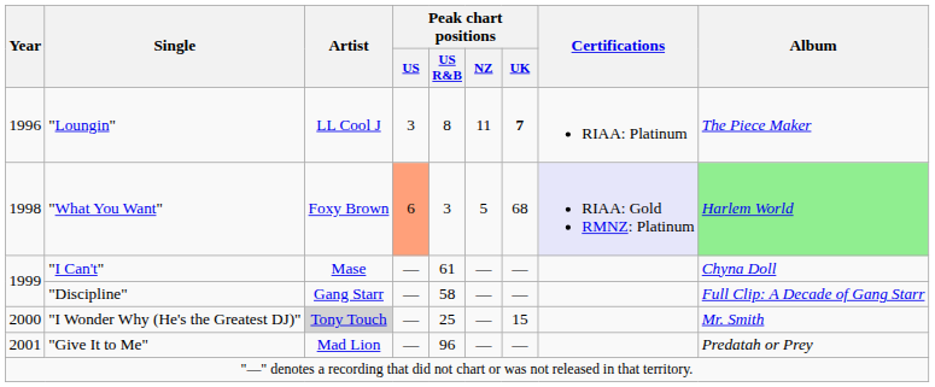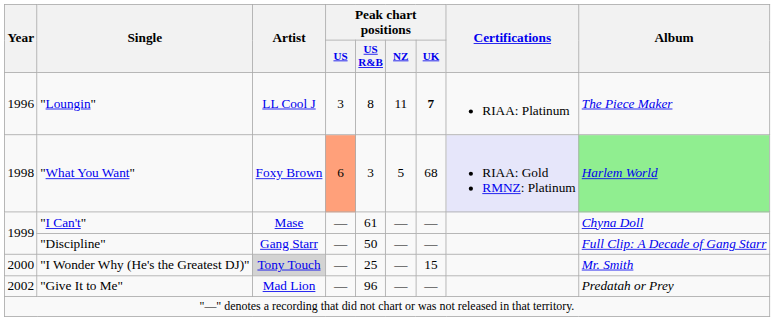 <table class="wikitable" style="text-align:center;">
 <tr>
 <th rowspan="2">Year</th>
 <th rowspan="2">Single</th>
 <th rowspan="2">Artist</th>
 <th colspan="4">Peak chart positions</th>
 <th rowspan="2"><a href='#'>Certifications</a></th>
 <th rowspan="2">Album</th>
 </tr>
 <tr style="font-size:smaller;">
 <th width="30"><a href='#'>US</a><br></th>
 <th width="30"><a href='#'>US<br>R&B</a><br></th>
 <th width="30"><a href='#'>NZ</a><br></th>
 <th width="30"><a href='#'>UK</a><br></th>
 </tr>
 <tr>
 <td rowspan="1">1996</td>
 <td align="left">"<a href='#'>Loungin</a>"</td>
 <td><a href='#'>LL Cool J</a></td>
 <td>3</td>
 <td>8</td>
 <td>11</td>
 <td><strong>7</strong></td>
 <td align="left"><br><ul><li>RIAA: Platinum</li></ul></td>
 <td align="left"><em><a href='#'>The Piece Maker</a></em></td>
 </tr>
 <tr>
 <td rowspan="1">1998</td>
 <td align="left">"<a href='#'>What You Want</a>"</td>
 <td><a href='#'>Foxy Brown</a></td>
 <td style="background: lightsalmon;">6</td>
 <td>3</td>
 <td>5</td>
 <td>68</td>
 <td align="left" style="background: lavender;"><br><ul><li>RIAA: Gold</li><li><a href='#'>RMNZ</a>: Platinum</li></ul></td>
 <td align="left" style="background: lightgreen;"><em><a href='#'>Harlem World</a></em></td>
 </tr>
 <tr>
 <td rowspan="2">1999</td>
 <td align="left">"<a href='#'>I Can't</a>"</td>
 <td><a href='#'>Mase</a></td>
 <td>—</td>
 <td>61</td>
 <td>—</td>
 <td>—</td>
 <td align="left"></td>
 <td align="left"><em><a href='#'>Chyna Doll</a></em></td>
 </tr>
 <tr>
 <td align="left">"Discipline"</td>
 <td><a href='#'>Gang Starr</a></td>
 <td>—</td>
-<td>58</td>
+<td>50</td>
 <td>—</td>
 <td>—</td>
 <td align="left"></td>
 <td align="left"><em><a href='#'>Full Clip: A Decade of Gang Starr</a></em></td>
 </tr>
 <tr>
 <td rowspan="1">2000</td>
 <td align="left">"I Wonder Why (He's the Greatest DJ)"</td>
 <td style="background: lightgrey;"><a href='#'>Tony Touch</a></td>
 <td>—</td>
 <td>25</td>
 <td>—</td>
 <td>15</td>
 <td align="left"></td>
 <td align="left"><em><a href='#'>Mr. Smith</a></em></td>
 </tr>
 <tr>
-<td rowspan="1">2001</td>
+<td rowspan="1">2002</td>
 <td align="left">"Give It to Me"</td>
 <td><a href='#'>Mad Lion</a></td>
 <td>—</td>
 <td>96</td>
 <td>—</td>
 <td>—</td>
 <td align="left"></td>
 <td align="left"><em>Predatah or Prey </em></td>
 </tr>
 <tr>
 <td colspan="15" style="font-size:90%">"—" denotes a recording that did not chart or was not released in that territory.</td>
 </tr>
 </table>
